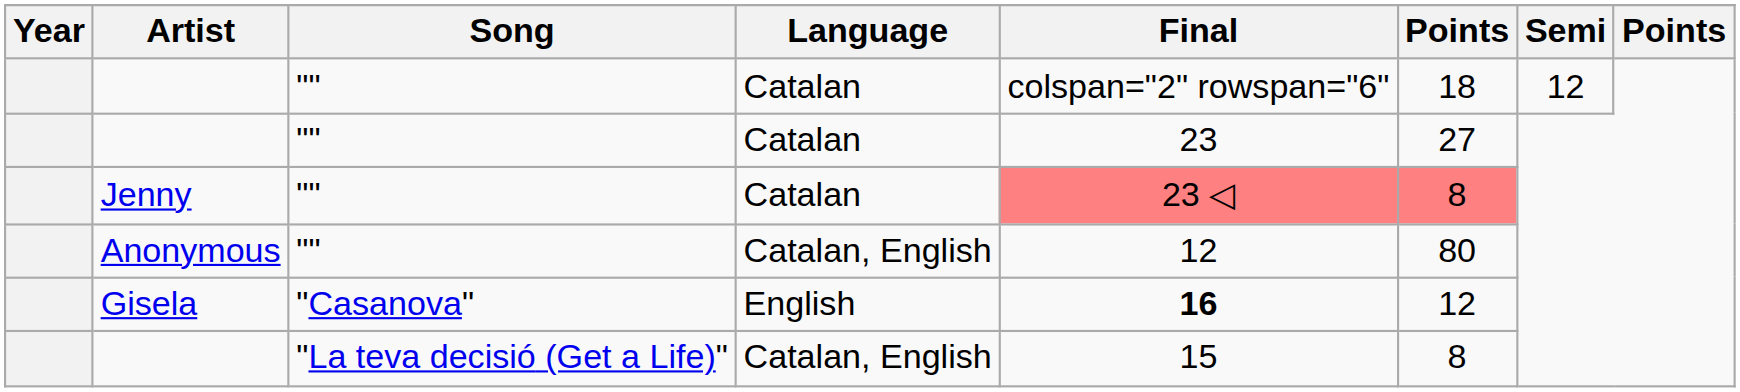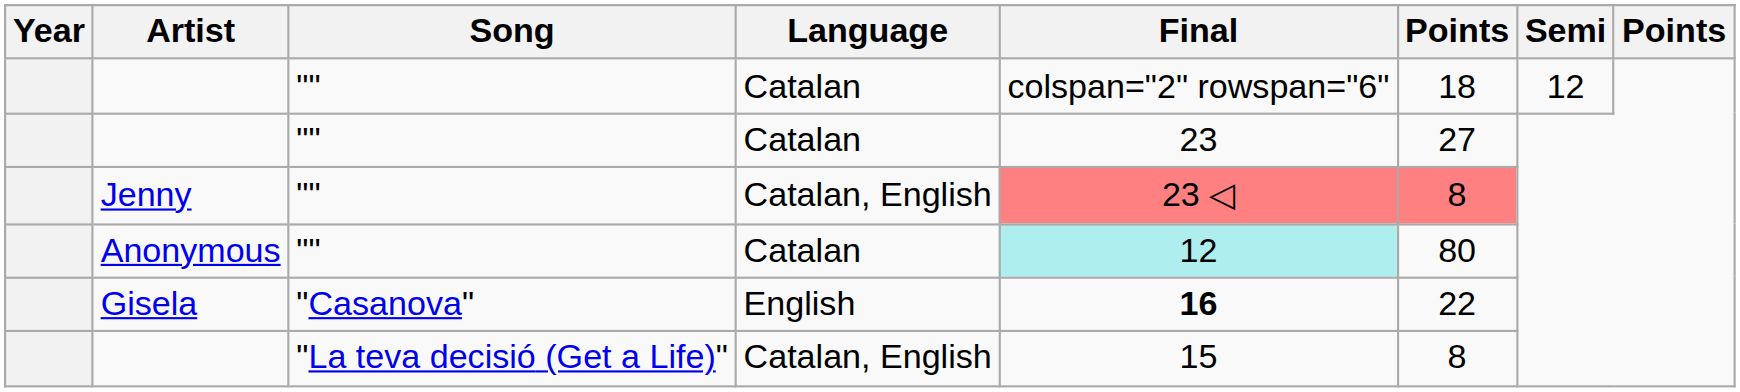 <table class="wikitable sortable plainrowheaders">
 <tr>
 </tr>
 <tr>
 <th scope="col">Year</th>
 <th scope="col">Artist</th>
 <th scope="col">Song</th>
 <th scope="col">Language</th>
 <th scope="col" class="unsortable">Final</th>
 <th scope="col" class="unsortable">Points</th>
 <th scope="col" data-sort-type="number">Semi</th>
 <th scope="col" data-sort-type="number">Points</th>
 </tr>
 <tr>
 <th scope="row" style="text-align:center;"></th>
 <td></td>
 <td>""</td>
 <td>Catalan</td>
 <td>colspan="2" rowspan="6" </td>
 <td style="text-align:center;">18</td>
 <td style="text-align:center;">12</td>
 </tr>
 <tr>
 <th scope="row" style="text-align:center;"></th>
 <td></td>
 <td>""</td>
 <td>Catalan</td>
 <td style="text-align:center;">23</td>
 <td style="text-align:center;">27</td>
 </tr>
 <tr>
 <th scope="row" style="text-align:center;"></th>
 <td><a href='#'>Jenny</a></td>
 <td>""</td>
-<td>Catalan</td>
+<td>Catalan, English</td>
 <td style="text-align:center; background-color:#FE8080">23 ◁</td>
 <td style="text-align:center; background-color:#FE8080">8</td>
 </tr>
 <tr>
 <th scope="row" style="text-align:center;"></th>
 <td><a href='#'>Anonymous</a></td>
 <td>""</td>
-<td>Catalan, English</td>
-<td style="text-align:center;">12</td>
+<td>Catalan</td>
+<td style="background: paleturquoise; text-align:center;">12</td>
 <td style="text-align:center;">80</td>
 </tr>
 <tr>
 <th scope="row" style="text-align:center;"></th>
 <td><a href='#'>Gisela</a></td>
 <td>"<a href='#'>Casanova</a>"</td>
 <td>English</td>
 <td style="text-align:center;"><strong>16</strong></td>
-<td style="text-align:center;">12</td>
+<td style="text-align:center;">22</td>
 </tr>
 <tr>
 <th scope="row" style="text-align:center;"></th>
 <td></td>
 <td>"<a href='#'><span>La teva decisió</span> (Get a Life)</a>"</td>
 <td>Catalan, English</td>
 <td style="text-align:center;">15</td>
 <td style="text-align:center;">8</td>
 </tr>
 </table>
